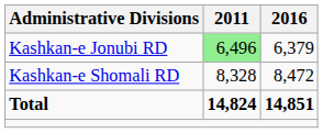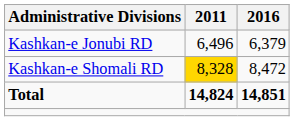 <table class="wikitable">
 <tr>
 <th>Administrative Divisions</th>
 <th>2011</th>
 <th>2016</th>
 </tr>
 <tr>
 <td><a href='#'>Kashkan-e Jonubi RD</a></td>
-<td style="background: lightgreen; text-align: right;">6,496</td>
+<td style="text-align: right;">6,496</td>
 <td style="text-align: right;">6,379</td>
 </tr>
 <tr>
 <td><a href='#'>Kashkan-e Shomali RD</a></td>
-<td style="text-align: right;">8,328</td>
+<td style="background: gold; text-align: right;">8,328</td>
 <td style="text-align: right;">8,472</td>
 </tr>
 <tr>
 <td><strong>Total</strong></td>
 <td style="text-align: right;"><strong>14,824</strong></td>
 <td style="text-align: right;"><strong>14,851</strong></td>
 </tr>
 <tr>
 <td colspan=4></td>
 </tr>
 </table>
